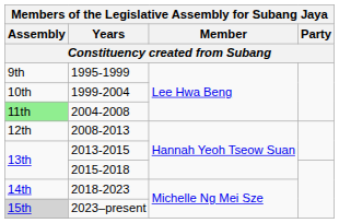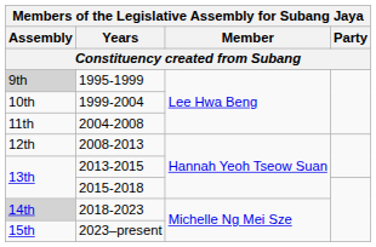 <table class=wikitable>
 <tr>
 <th colspan=4>Members of the Legislative Assembly for Subang Jaya</th>
 </tr>
 <tr>
 <th>Assembly</th>
 <th>Years</th>
 <th>Member</th>
 <th>Party</th>
 </tr>
 <tr>
 <th colspan=4 align=center><em>Constituency created from Subang</em></th>
 </tr>
 <tr>
-<td>9th</td>
+<td style="background: lightgrey;">9th</td>
 <td>1995-1999</td>
 <td rowspan=3><a href='#'>Lee Hwa Beng</a></td>
 <td rowspan=3></td>
 </tr>
 <tr>
 <td>10th</td>
 <td>1999-2004</td>
 </tr>
 <tr>
-<td style="background: lightgreen;">11th</td>
+<td>11th</td>
 <td>2004-2008</td>
 </tr>
 <tr>
 <td>12th</td>
 <td>2008-2013</td>
 <td rowspan=3><a href='#'>Hannah Yeoh Tseow Suan</a></td>
 <td rowspan=2></td>
 </tr>
 <tr>
 <td rowspan=2><a href='#'>13th</a></td>
 <td>2013-2015</td>
 </tr>
 <tr>
 <td>2015-2018</td>
 <td rowspan=3></td>
 </tr>
 <tr>
-<td><a href='#'>14th</a></td>
+<td style="background: lightgrey;"><a href='#'>14th</a></td>
 <td>2018-2023</td>
 <td rowspan=2><a href='#'>Michelle Ng Mei Sze</a></td>
 </tr>
 <tr>
-<td style="background: lightgrey;"><a href='#'>15th</a></td>
+<td><a href='#'>15th</a></td>
 <td>2023–present</td>
 </tr>
 </table>
